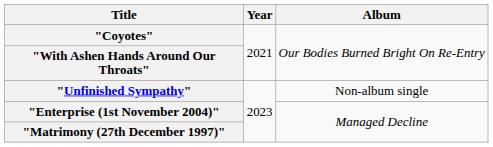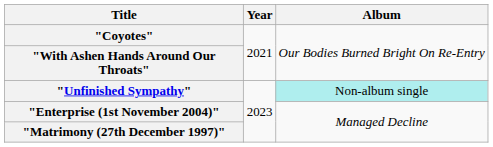 <table class="wikitable plainrowheaders" style="text-align:center;">
 <tr>
 <th scope="col" style="width:18em;">Title</th>
 <th scope="col">Year</th>
 <th scope="col">Album</th>
 </tr>
 <tr>
 <th scope="row">"Coyotes"</th>
 <td rowspan="2">2021</td>
 <td rowspan="2"><em>Our Bodies Burned Bright On Re-Entry</em></td>
 </tr>
 <tr>
 <th scope="row">"With Ashen Hands Around Our Throats"</th>
 </tr>
 <tr>
 <th scope="row">"<a href='#'>Unfinished Sympathy</a>"</th>
 <td rowspan="3">2023</td>
-<td>Non-album single</td>
+<td style="background: paleturquoise;">Non-album single</td>
 </tr>
 <tr>
 <th scope="row">"Enterprise (1st November 2004)"</th>
 <td rowspan="2"><em>Managed Decline</em></td>
 </tr>
 <tr>
 <th scope="row">"Matrimony (27th December 1997)"</th>
 </tr>
 </table>
